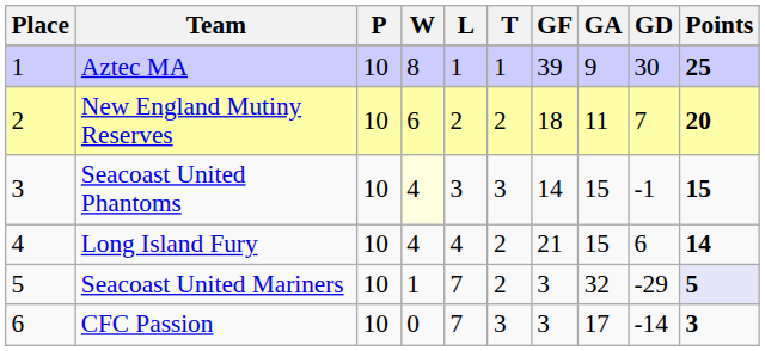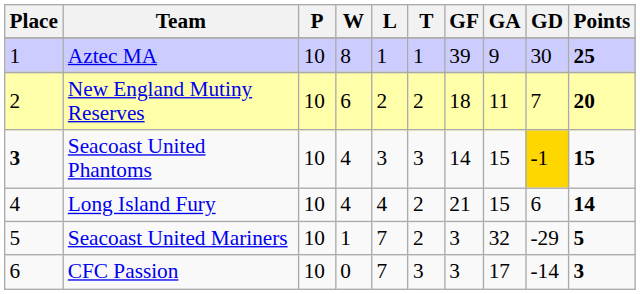 <table class="wikitable">
 <tr>
 <th>Place</th>
 <th width="170">Team</th>
 <th width="20">P</th>
 <th width="20">W</th>
 <th width="20">L</th>
 <th width="20">T</th>
 <th width="20">GF</th>
 <th width="20">GA</th>
 <th width="25">GD</th>
 <th>Points</th>
 </tr>
 <tr>
 </tr>
 <tr bgcolor=#ccccff>
 <td>1</td>
 <td><a href='#'>Aztec MA</a></td>
 <td>10</td>
 <td>8</td>
 <td>1</td>
 <td>1</td>
 <td>39</td>
 <td>9</td>
 <td>30</td>
 <td><strong>25</strong></td>
 </tr>
 <tr>
 </tr>
 <tr bgcolor=#ffffaa>
 <td>2</td>
 <td><a href='#'>New England Mutiny Reserves</a></td>
 <td>10</td>
 <td>6</td>
 <td>2</td>
 <td>2</td>
 <td>18</td>
 <td>11</td>
 <td>7</td>
 <td><strong>20</strong></td>
 </tr>
 <tr>
-<td>3</td>
+<td><strong>3</strong></td>
 <td><a href='#'>Seacoast United Phantoms</a></td>
 <td>10</td>
-<td style="background: lightyellow;">4</td>
+<td>4</td>
 <td>3</td>
 <td>3</td>
 <td>14</td>
 <td>15</td>
-<td>-1</td>
+<td style="background: gold;">-1</td>
 <td><strong>15</strong></td>
 </tr>
 <tr>
 <td>4</td>
 <td><a href='#'>Long Island Fury</a></td>
 <td>10</td>
 <td>4</td>
 <td>4</td>
 <td>2</td>
 <td>21</td>
 <td>15</td>
 <td>6</td>
 <td><strong>14</strong></td>
 </tr>
 <tr>
 <td>5</td>
 <td><a href='#'>Seacoast United Mariners</a></td>
 <td>10</td>
 <td>1</td>
 <td>7</td>
 <td>2</td>
 <td>3</td>
 <td>32</td>
 <td>-29</td>
-<td style="background: lavender;"><strong>5</strong></td>
+<td><strong>5</strong></td>
 </tr>
 <tr>
 <td>6</td>
 <td><a href='#'>CFC Passion</a></td>
 <td>10</td>
 <td>0</td>
 <td>7</td>
 <td>3</td>
 <td>3</td>
 <td>17</td>
 <td>-14</td>
 <td><strong>3</strong></td>
 </tr>
 </table>
